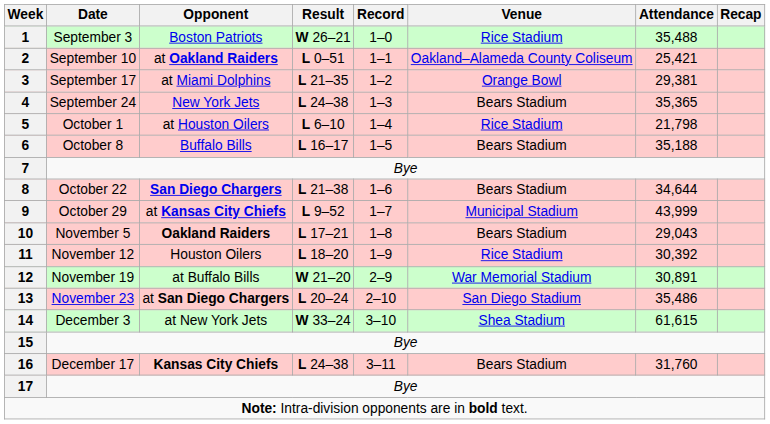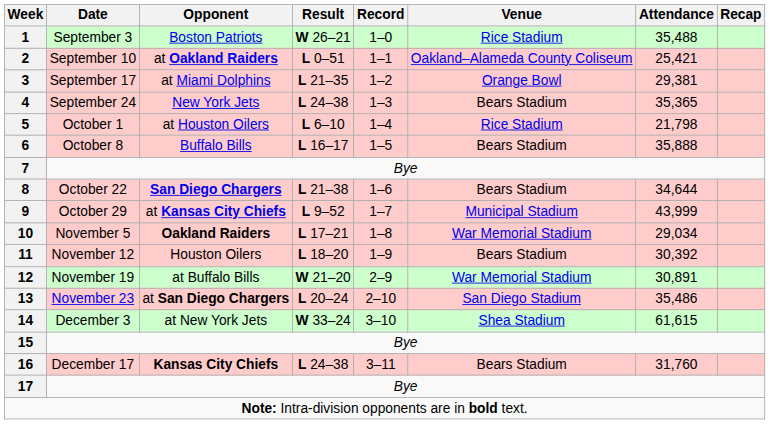 <table class="wikitable" style="text-align:center">
 <tr>
 <th>Week</th>
 <th>Date</th>
 <th>Opponent</th>
 <th>Result</th>
 <th>Record</th>
 <th>Venue</th>
 <th>Attendance</th>
 <th>Recap</th>
 </tr>
 <tr style="background: #cfc;">
 <th>1</th>
 <td>September 3</td>
 <td><a href='#'>Boston Patriots</a></td>
 <td><strong>W</strong> 26–21</td>
 <td>1–0</td>
 <td><a href='#'>Rice Stadium</a></td>
 <td>35,488</td>
 <td></td>
 </tr>
 <tr style="background: #fcc;">
 <th>2</th>
 <td>September 10</td>
 <td>at <strong><a href='#'>Oakland Raiders</a></strong></td>
 <td><strong>L</strong> 0–51</td>
 <td>1–1</td>
 <td><a href='#'>Oakland–Alameda County Coliseum</a></td>
 <td>25,421</td>
 <td></td>
 </tr>
 <tr style="background: #fcc;">
 <th>3</th>
 <td>September 17</td>
 <td>at <a href='#'>Miami Dolphins</a></td>
 <td><strong>L</strong> 21–35</td>
 <td>1–2</td>
 <td><a href='#'>Orange Bowl</a></td>
 <td>29,381</td>
 <td></td>
 </tr>
 <tr style="background: #fcc;">
 <th>4</th>
 <td>September 24</td>
 <td><a href='#'>New York Jets</a></td>
 <td><strong>L</strong> 24–38</td>
 <td>1–3</td>
 <td>Bears Stadium</td>
 <td>35,365</td>
 <td></td>
 </tr>
 <tr style="background: #fcc;">
 <th>5</th>
 <td>October 1</td>
 <td>at <a href='#'>Houston Oilers</a></td>
 <td><strong>L</strong> 6–10</td>
 <td>1–4</td>
 <td><a href='#'>Rice Stadium</a></td>
 <td>21,798</td>
 <td></td>
 </tr>
 <tr style="background: #fcc;">
 <th>6</th>
 <td>October 8</td>
 <td><a href='#'>Buffalo Bills</a></td>
 <td><strong>L</strong> 16–17</td>
 <td>1–5</td>
 <td>Bears Stadium</td>
-<td>35,188</td>
+<td>35,888</td>
 <td></td>
 </tr>
 <tr>
 <th>7</th>
 <td colspan=7 align="center"><em>Bye</em></td>
 </tr>
 <tr style="background: #fcc;">
 <th>8</th>
 <td>October 22</td>
 <td><strong><a href='#'>San Diego Chargers</a></strong></td>
 <td><strong>L</strong> 21–38</td>
 <td>1–6</td>
 <td>Bears Stadium</td>
 <td>34,644</td>
 <td></td>
 </tr>
 <tr style="background: #fcc;">
 <th>9</th>
 <td>October 29</td>
 <td>at <strong><a href='#'>Kansas City Chiefs</a></strong></td>
 <td><strong>L</strong> 9–52</td>
 <td>1–7</td>
 <td><a href='#'>Municipal Stadium</a></td>
 <td>43,999</td>
 <td></td>
 </tr>
 <tr style="background: #fcc;">
 <th>10</th>
 <td>November 5</td>
 <td><strong>Oakland Raiders</strong></td>
 <td><strong>L</strong> 17–21</td>
 <td>1–8</td>
-<td>Bears Stadium</td>
-<td>29,043</td>
+<td><a href='#'>War Memorial Stadium</a></td>
+<td>29,034</td>
 <td></td>
 </tr>
 <tr style="background: #fcc;">
 <th>11</th>
 <td>November 12</td>
 <td>Houston Oilers</td>
 <td><strong>L</strong> 18–20</td>
 <td>1–9</td>
-<td><a href='#'>Rice Stadium</a></td>
+<td>Bears Stadium</td>
 <td>30,392</td>
 <td></td>
 </tr>
 <tr style="background: #cfc;">
 <th>12</th>
 <td>November 19</td>
 <td>at Buffalo Bills</td>
 <td><strong>W</strong> 21–20</td>
 <td>2–9</td>
 <td><a href='#'>War Memorial Stadium</a></td>
 <td>30,891</td>
 <td></td>
 </tr>
 <tr style="background: #fcc;">
 <th>13</th>
 <td><a href='#'>November 23</a></td>
 <td>at <strong>San Diego Chargers</strong></td>
 <td><strong>L</strong> 20–24</td>
 <td>2–10</td>
 <td><a href='#'>San Diego Stadium</a></td>
 <td>35,486</td>
 <td></td>
 </tr>
 <tr style="background: #cfc;">
 <th>14</th>
 <td>December 3</td>
 <td>at New York Jets</td>
 <td><strong>W</strong> 33–24</td>
 <td>3–10</td>
 <td><a href='#'>Shea Stadium</a></td>
 <td>61,615</td>
 <td></td>
 </tr>
 <tr>
 <th>15</th>
 <td colspan=7 align="center"><em>Bye</em></td>
 </tr>
 <tr style="background: #fcc;">
 <th>16</th>
 <td>December 17</td>
 <td><strong>Kansas City Chiefs</strong></td>
 <td><strong>L</strong> 24–38</td>
 <td>3–11</td>
 <td>Bears Stadium</td>
 <td>31,760</td>
 <td></td>
 </tr>
 <tr>
 <th>17</th>
 <td colspan=7 align="center"><em>Bye</em></td>
 </tr>
 <tr>
 <td colspan="8"><strong>Note:</strong> Intra-division opponents are in <strong>bold</strong> text.</td>
 </tr>
 </table>
